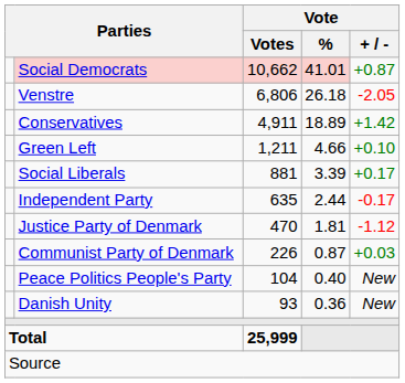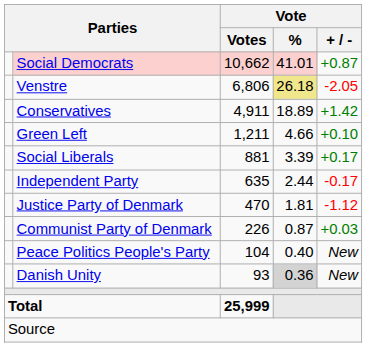 <table class="wikitable" style="text-align:right;">
 <tr>
 <th style="text-align:centre;" rowspan="2" colspan="2" width="225">Parties</th>
 <th colspan="3">Vote</th>
 </tr>
 <tr>
 <th width="15">Votes</th>
 <th width="15">%</th>
 <th width="15">+ / -</th>
 </tr>
 <tr>
 <td width="2" style="color:inherit;background:"></td>
 <td bgcolor=#fbd0ce  align="left"><a href='#'>Social Democrats</a></td>
 <td bgcolor=#fbd0ce>10,662</td>
 <td bgcolor=#fbd0ce>41.01</td>
 <td style=color:green;>+0.87</td>
 </tr>
 <tr>
 <td width="2" style="color:inherit;background:"></td>
 <td align="left"><a href='#'>Venstre</a></td>
 <td>6,806</td>
-<td>26.18</td>
+<td style="background: khaki;">26.18</td>
 <td style=color:red;>-2.05</td>
 </tr>
 <tr>
 <td width="2" style="color:inherit;background:"></td>
 <td align="left"><a href='#'>Conservatives</a></td>
 <td>4,911</td>
 <td>18.89</td>
 <td style=color:green;>+1.42</td>
 </tr>
 <tr>
 <td width="2" style="color:inherit;background:"></td>
 <td align="left"><a href='#'>Green Left</a></td>
 <td>1,211</td>
 <td>4.66</td>
 <td style=color:green;>+0.10</td>
 </tr>
 <tr>
 <td width="2" style="color:inherit;background:"></td>
 <td align="left"><a href='#'>Social Liberals</a></td>
 <td>881</td>
 <td>3.39</td>
 <td style=color:green;>+0.17</td>
 </tr>
 <tr>
 <td width="2" style="color:inherit;background:"></td>
 <td align="left"><a href='#'>Independent Party</a></td>
 <td>635</td>
 <td>2.44</td>
 <td style=color:red;>-0.17</td>
 </tr>
 <tr>
 <td width="2" style="color:inherit;background:"></td>
 <td align="left"><a href='#'>Justice Party of Denmark</a></td>
 <td>470</td>
 <td>1.81</td>
 <td style=color:red;>-1.12</td>
 </tr>
 <tr>
 <td width="2" style="color:inherit;background:"></td>
 <td align="left"><a href='#'>Communist Party of Denmark</a></td>
 <td>226</td>
 <td>0.87</td>
 <td style=color:green;>+0.03</td>
 </tr>
 <tr>
 <td width="2" style="color:inherit;background:"></td>
 <td align="left"><a href='#'>Peace Politics People's Party</a></td>
 <td>104</td>
 <td>0.40</td>
 <td><em>New</em></td>
 </tr>
 <tr>
 <td width="2" style="color:inherit;background:"></td>
 <td align="left"><a href='#'>Danish Unity</a></td>
 <td>93</td>
-<td>0.36</td>
+<td style="background: lightgrey;">0.36</td>
 <td><em>New</em></td>
 </tr>
 <tr>
 <td colspan="7" bgcolor="#E9E9E9"></td>
 </tr>
 <tr>
 <td align="left" colspan="2"><strong>Total</strong></td>
 <td><strong>25,999</strong></td>
 <td bgcolor="#E9E9E9" colspan="2"></td>
 </tr>
 <tr>
 <td align="left" colspan="6">Source</td>
 </tr>
 </table>
